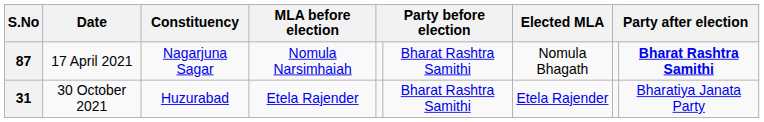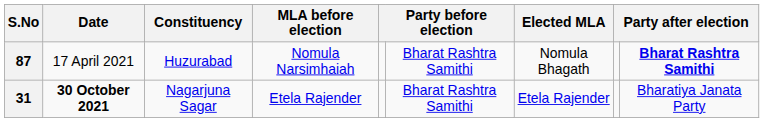 <table class="wikitable sortable" style="text-align:center;">
 <tr>
 <th>S.No</th>
 <th>Date</th>
 <th>Constituency</th>
 <th>MLA before election</th>
 <th colspan="2">Party before election</th>
 <th>Elected MLA</th>
 <th colspan="2">Party after election</th>
 </tr>
 <tr>
 <th>87</th>
 <td>17 April 2021</td>
-<td><a href='#'>Nagarjuna Sagar</a></td>
+<td><a href='#'>Huzurabad</a></td>
 <td><a href='#'>Nomula Narsimhaiah</a></td>
 <td></td>
 <td><a href='#'>Bharat Rashtra Samithi</a></td>
 <td>Nomula Bhagath</td>
 <td></td>
 <td><strong><a href='#'>Bharat Rashtra Samithi</a></strong></td>
 </tr>
 <tr>
 <th>31</th>
-<td>30 October 2021</td>
-<td><a href='#'>Huzurabad</a></td>
+<td><strong>30 October 2021</strong></td>
+<td><a href='#'>Nagarjuna Sagar</a></td>
 <td><a href='#'>Etela Rajender</a></td>
 <td></td>
 <td><a href='#'>Bharat Rashtra Samithi</a></td>
 <td><a href='#'>Etela Rajender</a></td>
 <td></td>
 <td><a href='#'>Bharatiya Janata Party</a></td>
 </tr>
 </table>
